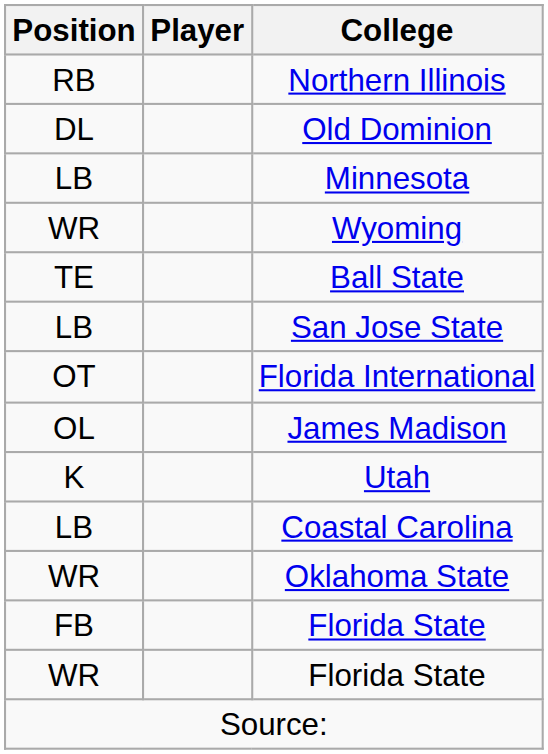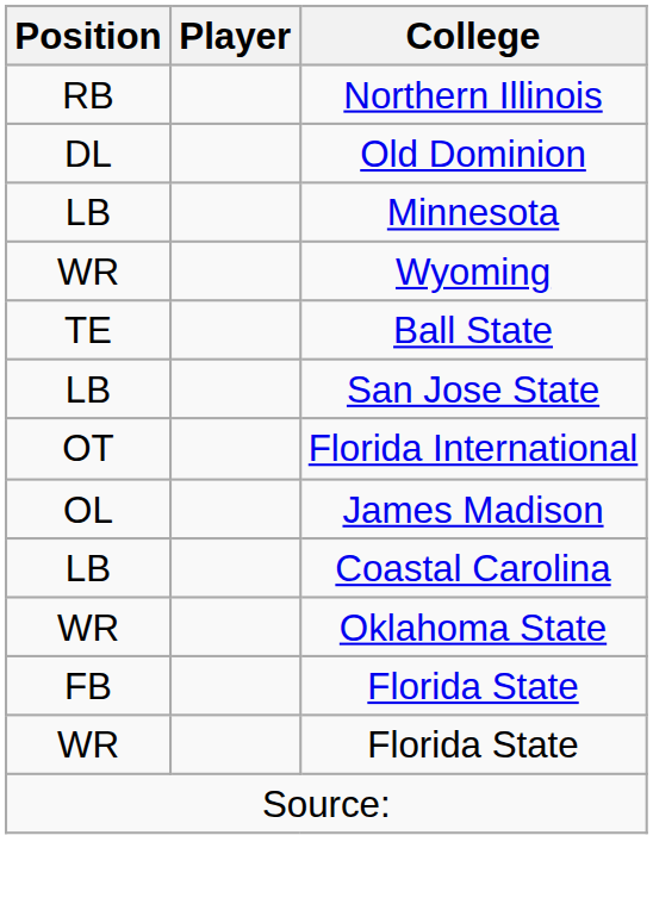 <table class="wikitable" style="font-size: 95%; text-align: center">
 <tr>
 <th>Position</th>
 <th>Player</th>
 <th>College</th>
 </tr>
 <tr>
 <td>RB</td>
 <td></td>
 <td><a href='#'>Northern Illinois</a></td>
 </tr>
 <tr>
 <td>DL</td>
 <td></td>
 <td><a href='#'>Old Dominion</a></td>
 </tr>
 <tr>
 <td>LB</td>
 <td></td>
 <td><a href='#'>Minnesota</a></td>
 </tr>
 <tr>
 <td>WR</td>
 <td></td>
 <td><a href='#'>Wyoming</a></td>
 </tr>
 <tr>
 <td>TE</td>
 <td></td>
 <td><a href='#'>Ball State</a></td>
 </tr>
 <tr>
 <td>LB</td>
 <td></td>
 <td><a href='#'>San Jose State</a></td>
 </tr>
 <tr>
 <td>OT</td>
 <td></td>
 <td><a href='#'>Florida International</a></td>
 </tr>
 <tr>
 <td>OL</td>
 <td></td>
 <td><a href='#'>James Madison</a></td>
 </tr>
 <tr>
-<td>K</td>
-<td></td>
-<td><a href='#'>Utah</a></td>
-</tr>
-<tr>
 <td>LB</td>
 <td></td>
 <td><a href='#'>Coastal Carolina</a></td>
 </tr>
 <tr>
 <td>WR</td>
 <td></td>
 <td><a href='#'>Oklahoma State</a></td>
 </tr>
 <tr>
 <td>FB</td>
 <td></td>
 <td><a href='#'>Florida State</a></td>
 </tr>
 <tr>
 <td>WR</td>
 <td></td>
 <td>Florida State</td>
 </tr>
 <tr>
 <td colspan="3">Source:</td>
 </tr>
 </table>
